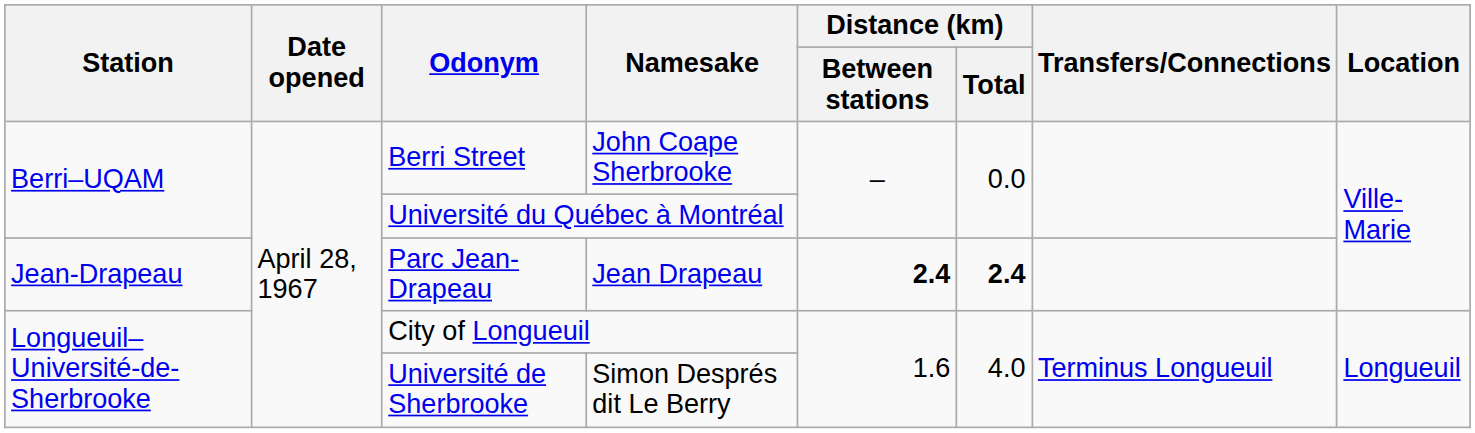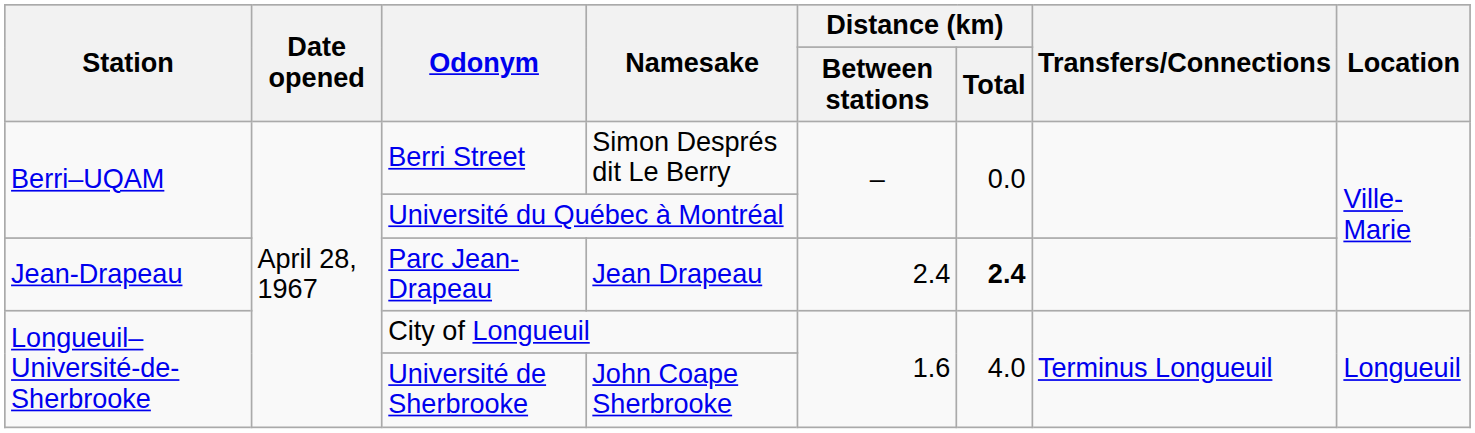 <table class="wikitable centre">
 <tr>
 <th scope=col rowspan=2><strong>Station</strong></th>
 <th scope=col rowspan=2><strong>Date opened</strong></th>
 <th scope=col rowspan=2><strong><a href='#'>Odonym</a></strong></th>
 <th scope=col rowspan=2><strong>Namesake</strong></th>
 <th colspan=2>Distance (km)</th>
 <th rowspan=2>Transfers/Connections</th>
 <th rowspan=2>Location</th>
 </tr>
 <tr>
 <th>Between stations</th>
 <th>Total</th>
 </tr>
 <tr>
 <td rowspan=2><a href='#'>Berri–UQAM</a></td>
 <td rowspan=5>April 28, 1967</td>
 <td><a href='#'>Berri Street</a></td>
-<td><a href='#'>John Coape Sherbrooke</a><br></td>
+<td>Simon Després dit Le Berry</td>
 <td rowspan=2 align=center>–</td>
 <td rowspan=2 align=right>0.0</td>
 <td rowspan=2></td>
 <td rowspan=3><a href='#'>Ville-Marie</a></td>
 </tr>
 <tr>
 <td colspan=2><a href='#'>Université du Québec à Montréal</a></td>
 </tr>
 <tr>
 <td><a href='#'>Jean-Drapeau</a> </td>
 <td><a href='#'>Parc Jean-Drapeau</a></td>
 <td><a href='#'>Jean Drapeau</a> </td>
-<td align=right><strong>2.4</strong></td>
+<td align=right>2.4</td>
 <td align=right><strong>2.4</strong></td>
 <td></td>
 </tr>
 <tr>
 <td rowspan=2><a href='#'>Longueuil–Université-de-Sherbrooke</a></td>
 <td colspan=2>City of <a href='#'>Longueuil</a></td>
 <td rowspan=2 align=right>1.6</td>
 <td rowspan=2 align=right>4.0</td>
 <td rowspan=2> <a href='#'>Terminus Longueuil</a></td>
 <td rowspan=2><a href='#'>Longueuil</a></td>
 </tr>
 <tr>
 <td><a href='#'>Université de Sherbrooke</a></td>
-<td>Simon Després dit Le Berry</td>
+<td><a href='#'>John Coape Sherbrooke</a><br></td>
 </tr>
 </table>
